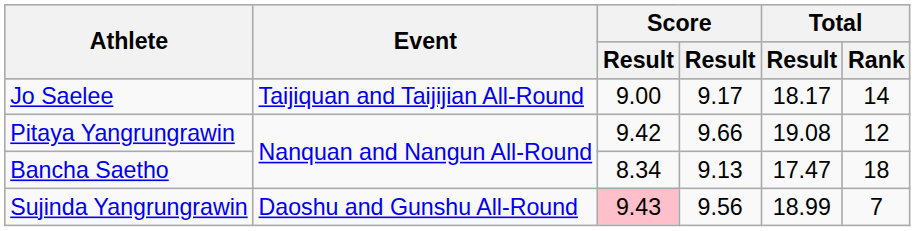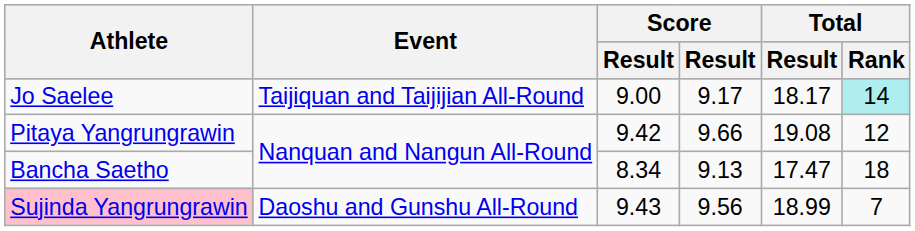 <table class=wikitable style="font-size:90%">
 <tr>
 <th rowspan="2">Athlete</th>
 <th rowspan="2">Event</th>
 <th colspan="2">Score</th>
 <th colspan="2">Total</th>
 </tr>
 <tr>
 <th>Result</th>
 <th>Result</th>
 <th>Result</th>
 <th>Rank</th>
 </tr>
 <tr>
 <td><a href='#'>Jo Saelee</a></td>
 <td><a href='#'>Taijiquan and Taijijian All-Round</a></td>
 <td align=center>9.00</td>
 <td align=center>9.17</td>
 <td align=center>18.17</td>
-<td align=center>14</td>
+<td align=center style="background: paleturquoise;">14</td>
 </tr>
 <tr>
 <td><a href='#'>Pitaya Yangrungrawin</a></td>
 <td rowspan=2><a href='#'>Nanquan and Nangun All-Round</a></td>
 <td align=center>9.42</td>
 <td align=center>9.66</td>
 <td align=center>19.08</td>
 <td align=center>12</td>
 </tr>
 <tr>
 <td><a href='#'>Bancha Saetho</a></td>
 <td align=center>8.34</td>
 <td align=center>9.13</td>
 <td align=center>17.47</td>
 <td align=center>18</td>
 </tr>
 <tr>
-<td><a href='#'>Sujinda Yangrungrawin</a></td>
+<td style="background: pink;"><a href='#'>Sujinda Yangrungrawin</a></td>
 <td><a href='#'>Daoshu and Gunshu All-Round</a></td>
-<td align=center style="background: pink;">9.43</td>
+<td align=center>9.43</td>
 <td align=center>9.56</td>
 <td align=center>18.99</td>
 <td align=center>7</td>
 </tr>
 </table>
